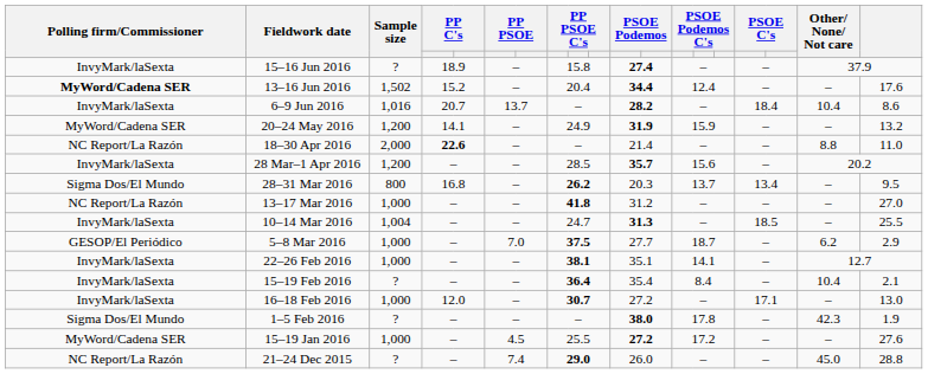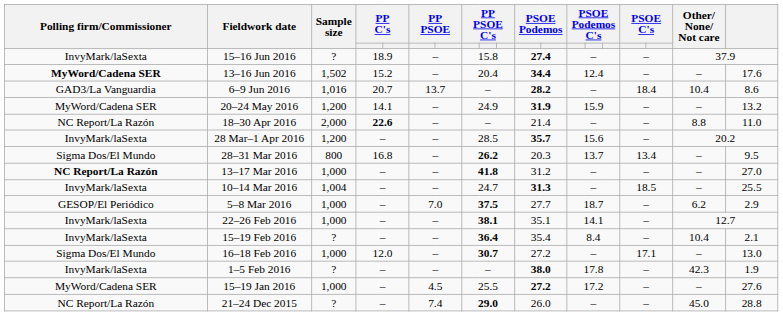 <table class="wikitable collapsible collapsed" style="text-align:center; font-size:90%; line-height:14px;">
 <tr style="height:42px;">
 <th style="width:250px;" rowspan="2">Polling firm/Commissioner</th>
 <th style="width:125px;" rowspan="2">Fieldwork date</th>
 <th style="width:50px;" rowspan="2">Sample size</th>
 <th style="width:60px;" colspan="2"><a href='#'>PP</a><br><a href='#'>C's</a></th>
 <th style="width:60px;" colspan="2"><a href='#'>PP</a><br><a href='#'>PSOE</a></th>
 <th style="width:60px;" colspan="3"><a href='#'>PP</a><br><a href='#'>PSOE</a><br><a href='#'>C's</a></th>
 <th style="width:60px;" colspan="2"><a href='#'>PSOE</a><br><a href='#'>Podemos</a></th>
 <th style="width:60px;" colspan="3"><a href='#'>PSOE</a><br><a href='#'>Podemos</a><br><a href='#'>C's</a></th>
 <th style="width:60px;" colspan="2"><a href='#'>PSOE</a><br><a href='#'>C's</a></th>
 <th style="width:60px;" rowspan="2">Other/<br>None/<br>Not care</th>
 <th style="width:60px;" rowspan="2"></th>
 </tr>
 <tr>
 <th style="color:inherit;background:"></th>
 <th style="color:inherit;background:"></th>
 <th style="color:inherit;background:"></th>
 <th style="color:inherit;background:"></th>
 <th style="color:inherit;background:"></th>
 <th style="color:inherit;background:"></th>
 <th style="color:inherit;background:"></th>
 <th style="color:inherit;background:"></th>
 <th style="color:inherit;background:"></th>
 <th style="color:inherit;background:"></th>
 <th style="color:inherit;background:"></th>
 <th style="color:inherit;background:"></th>
 <th style="color:inherit;background:"></th>
 <th style="color:inherit;background:"></th>
 </tr>
 <tr>
 <td>InvyMark/laSexta</td>
 <td>15–16 Jun 2016</td>
 <td>?</td>
 <td colspan="2">18.9</td>
 <td colspan="2">–</td>
 <td colspan="3">15.8</td>
 <td colspan="2" ><strong>27.4</strong></td>
 <td colspan="3">–</td>
 <td colspan="2">–</td>
 <td colspan="2">37.9</td>
 </tr>
 <tr>
 <td><strong>MyWord/Cadena SER</strong></td>
 <td>13–16 Jun 2016</td>
 <td>1,502</td>
 <td colspan="2">15.2</td>
 <td colspan="2">–</td>
 <td colspan="3">20.4</td>
 <td colspan="2" ><strong>34.4</strong></td>
 <td colspan="3">12.4</td>
 <td colspan="2">–</td>
 <td>–</td>
 <td>17.6</td>
 </tr>
 <tr>
-<td>InvyMark/laSexta</td>
+<td>GAD3/La Vanguardia</td>
 <td>6–9 Jun 2016</td>
 <td>1,016</td>
 <td colspan="2">20.7</td>
 <td colspan="2">13.7</td>
 <td colspan="3">–</td>
 <td colspan="2" ><strong>28.2</strong></td>
 <td colspan="3">–</td>
 <td colspan="2">18.4</td>
 <td>10.4</td>
 <td>8.6</td>
 </tr>
 <tr>
 <td>MyWord/Cadena SER</td>
 <td>20–24 May 2016</td>
 <td>1,200</td>
 <td colspan="2">14.1</td>
 <td colspan="2">–</td>
 <td colspan="3">24.9</td>
 <td colspan="2" ><strong>31.9</strong></td>
 <td colspan="3">15.9</td>
 <td colspan="2">–</td>
 <td>–</td>
 <td>13.2</td>
 </tr>
 <tr>
 <td>NC Report/La Razón</td>
 <td>18–30 Apr 2016</td>
 <td>2,000</td>
 <td colspan="2" ><strong>22.6</strong></td>
 <td colspan="2">–</td>
 <td colspan="3">–</td>
 <td colspan="2">21.4</td>
 <td colspan="3">–</td>
 <td colspan="2">–</td>
 <td>8.8</td>
 <td>11.0</td>
 </tr>
 <tr>
 <td>InvyMark/laSexta</td>
 <td>28 Mar–1 Apr 2016</td>
 <td>1,200</td>
 <td colspan="2">–</td>
 <td colspan="2">–</td>
 <td colspan="3">28.5</td>
 <td colspan="2" ><strong>35.7</strong></td>
 <td colspan="3">15.6</td>
 <td colspan="2">–</td>
 <td colspan="2">20.2</td>
 </tr>
 <tr>
 <td>Sigma Dos/El Mundo</td>
 <td>28–31 Mar 2016</td>
 <td>800</td>
 <td colspan="2">16.8</td>
 <td colspan="2">–</td>
 <td colspan="3" ><strong>26.2</strong></td>
 <td colspan="2">20.3</td>
 <td colspan="3">13.7</td>
 <td colspan="2">13.4</td>
 <td>–</td>
 <td>9.5</td>
 </tr>
 <tr>
-<td>NC Report/La Razón</td>
+<td><strong>NC Report/La Razón</strong></td>
 <td>13–17 Mar 2016</td>
 <td>1,000</td>
 <td colspan="2">–</td>
 <td colspan="2">–</td>
 <td colspan="3" ><strong>41.8</strong></td>
 <td colspan="2">31.2</td>
 <td colspan="3">–</td>
 <td colspan="2">–</td>
 <td>–</td>
 <td>27.0</td>
 </tr>
 <tr>
 <td>InvyMark/laSexta</td>
 <td>10–14 Mar 2016</td>
 <td>1,004</td>
 <td colspan="2">–</td>
 <td colspan="2">–</td>
 <td colspan="3">24.7</td>
 <td colspan="2" ><strong>31.3</strong></td>
 <td colspan="3">–</td>
 <td colspan="2">18.5</td>
 <td>–</td>
 <td>25.5</td>
 </tr>
 <tr>
 <td>GESOP/El Periódico</td>
 <td>5–8 Mar 2016</td>
 <td>1,000</td>
 <td colspan="2">–</td>
 <td colspan="2">7.0</td>
 <td colspan="3" ><strong>37.5</strong></td>
 <td colspan="2">27.7</td>
 <td colspan="3">18.7</td>
 <td colspan="2">–</td>
 <td>6.2</td>
 <td>2.9</td>
 </tr>
 <tr>
 <td>InvyMark/laSexta</td>
 <td>22–26 Feb 2016</td>
 <td>1,000</td>
 <td colspan="2">–</td>
 <td colspan="2">–</td>
 <td colspan="3" ><strong>38.1</strong></td>
 <td colspan="2">35.1</td>
 <td colspan="3">14.1</td>
 <td colspan="2">–</td>
 <td colspan="2">12.7</td>
 </tr>
 <tr>
 <td>InvyMark/laSexta</td>
 <td>15–19 Feb 2016</td>
 <td>?</td>
 <td colspan="2">–</td>
 <td colspan="2">–</td>
 <td colspan="3" ><strong>36.4</strong></td>
 <td colspan="2">35.4</td>
 <td colspan="3">8.4</td>
 <td colspan="2">–</td>
 <td>10.4</td>
 <td>2.1</td>
 </tr>
 <tr>
-<td>InvyMark/laSexta</td>
+<td>Sigma Dos/El Mundo</td>
 <td>16–18 Feb 2016</td>
 <td>1,000</td>
 <td colspan="2">12.0</td>
 <td colspan="2">–</td>
 <td colspan="3" ><strong>30.7</strong></td>
 <td colspan="2">27.2</td>
 <td colspan="3">–</td>
 <td colspan="2">17.1</td>
 <td>–</td>
 <td>13.0</td>
 </tr>
 <tr>
-<td>Sigma Dos/El Mundo</td>
+<td>InvyMark/laSexta</td>
 <td>1–5 Feb 2016</td>
 <td>?</td>
 <td colspan="2">–</td>
 <td colspan="2">–</td>
 <td colspan="3">–</td>
 <td colspan="2" ><strong>38.0</strong></td>
 <td colspan="3">17.8</td>
 <td colspan="2">–</td>
 <td>42.3</td>
 <td>1.9</td>
 </tr>
 <tr>
 <td>MyWord/Cadena SER</td>
 <td>15–19 Jan 2016</td>
 <td>1,000</td>
 <td colspan="2">–</td>
 <td colspan="2">4.5</td>
 <td colspan="3">25.5</td>
 <td colspan="2" ><strong>27.2</strong></td>
 <td colspan="3">17.2</td>
 <td colspan="2">–</td>
 <td>–</td>
 <td>27.6</td>
 </tr>
 <tr>
 <td>NC Report/La Razón</td>
 <td>21–24 Dec 2015</td>
 <td>?</td>
 <td colspan="2">–</td>
 <td colspan="2">7.4</td>
 <td colspan="3" ><strong>29.0</strong></td>
 <td colspan="2">26.0</td>
 <td colspan="3">–</td>
 <td colspan="2">–</td>
 <td>45.0</td>
 <td>28.8</td>
 </tr>
 </table>
